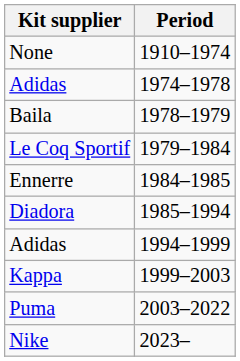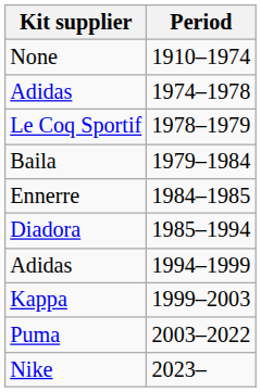 <table class="wikitable" style="text-align: left">
 <tr>
 <th>Kit supplier</th>
 <th>Period</th>
 </tr>
 <tr>
 <td>None</td>
 <td>1910–1974</td>
 </tr>
 <tr>
 <td> <a href='#'>Adidas</a></td>
 <td>1974–1978</td>
 </tr>
 <tr>
-<td> Baila</td>
+<td> <a href='#'>Le Coq Sportif</a></td>
 <td>1978–1979</td>
 </tr>
 <tr>
-<td> <a href='#'>Le Coq Sportif</a></td>
+<td> Baila</td>
 <td>1979–1984</td>
 </tr>
 <tr>
 <td> Ennerre</td>
 <td>1984–1985</td>
 </tr>
 <tr>
 <td> <a href='#'>Diadora</a></td>
 <td>1985–1994</td>
 </tr>
 <tr>
 <td> Adidas</td>
 <td>1994–1999</td>
 </tr>
 <tr>
 <td> <a href='#'>Kappa</a></td>
 <td>1999–2003</td>
 </tr>
 <tr>
 <td> <a href='#'>Puma</a></td>
 <td>2003–2022</td>
 </tr>
 <tr>
 <td> <a href='#'>Nike</a></td>
 <td>2023–</td>
 </tr>
 </table>
